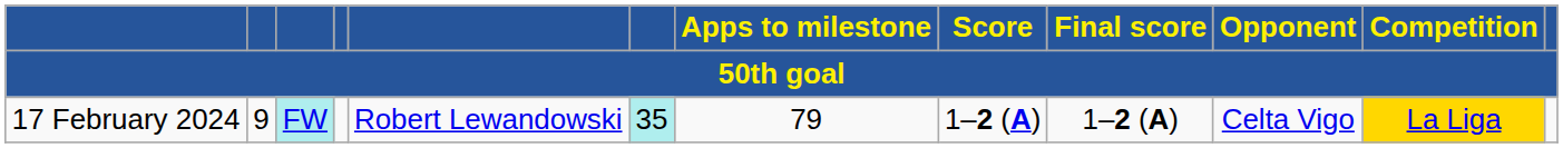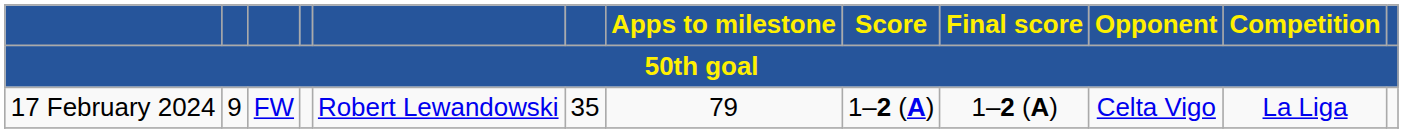 <table class="wikitable" style="text-align:center">
 <tr>
 <th style="background:#26559B;color:#FFF000;"></th>
 <th style="background:#26559B;color:#FFF000;"></th>
 <th style="background:#26559B;color:#FFF000;"></th>
 <th style="background:#26559B;color:#FFF000;"></th>
 <th style="background:#26559B;color:#FFF000;"></th>
 <th style="background:#26559B;color:#FFF000;"></th>
 <th style="background:#26559B;color:#FFF000;">Apps to milestone</th>
 <th style="background:#26559B;color:#FFF000;">Score</th>
 <th style="background:#26559B;color:#FFF000;">Final score</th>
 <th style="background:#26559B;color:#FFF000;">Opponent</th>
 <th style="background:#26559B;color:#FFF000;">Competition</th>
 <th style="background:#26559B;color:#FFF000;"></th>
 </tr>
 <tr>
 <th colspan=12 style="background:#26559B;color:#FFF000;">50th goal</th>
 </tr>
 <tr>
 <td>17 February 2024</td>
 <td>9</td>
-<td style="background: paleturquoise;"><a href='#'>FW</a></td>
+<td><a href='#'>FW</a></td>
 <td></td>
 <td><a href='#'>Robert Lewandowski</a></td>
-<td style="background: paleturquoise;">35</td>
+<td>35</td>
 <td>79</td>
 <td>1–<strong>2</strong> (<a href='#'><strong>A</strong></a>)</td>
 <td>1–<strong>2</strong> (<strong>A</strong>)</td>
 <td><a href='#'>Celta Vigo</a></td>
-<td style="background: gold;"><a href='#'>La Liga</a></td>
+<td><a href='#'>La Liga</a></td>
 <td></td>
 </tr>
 </table>
